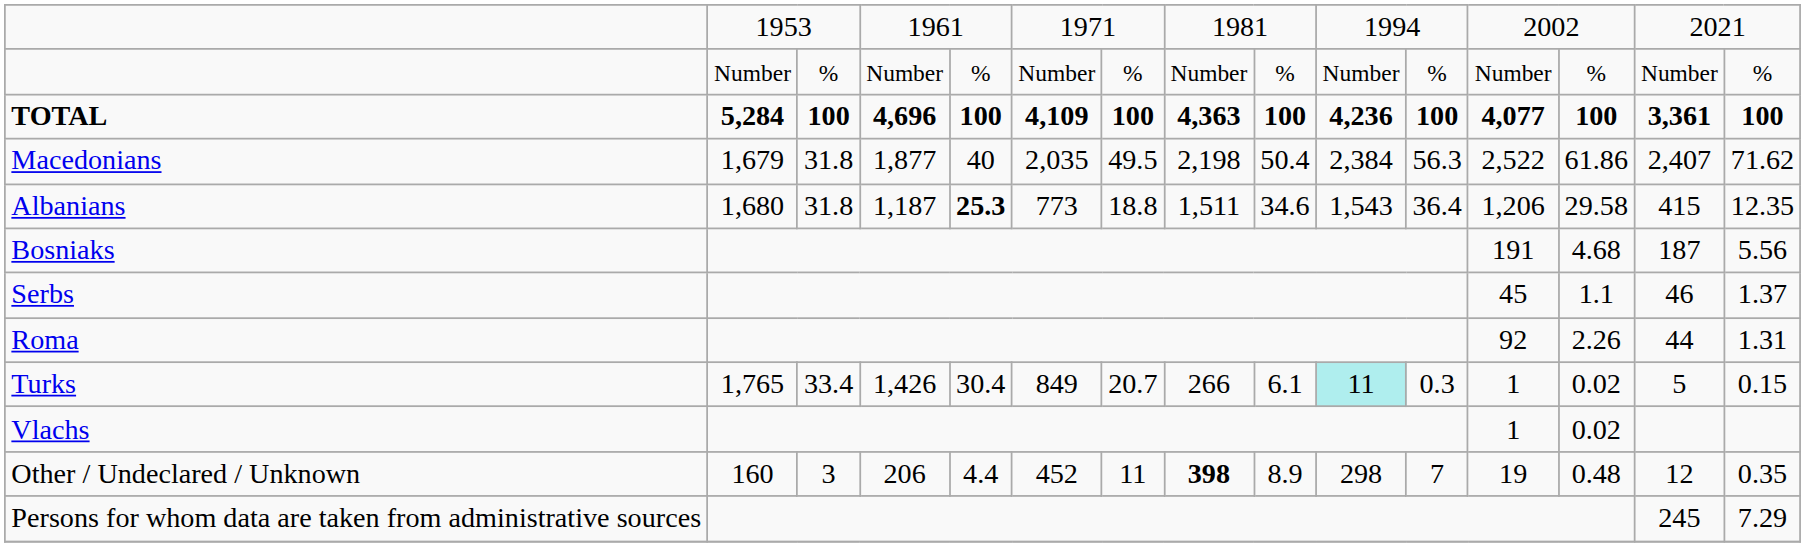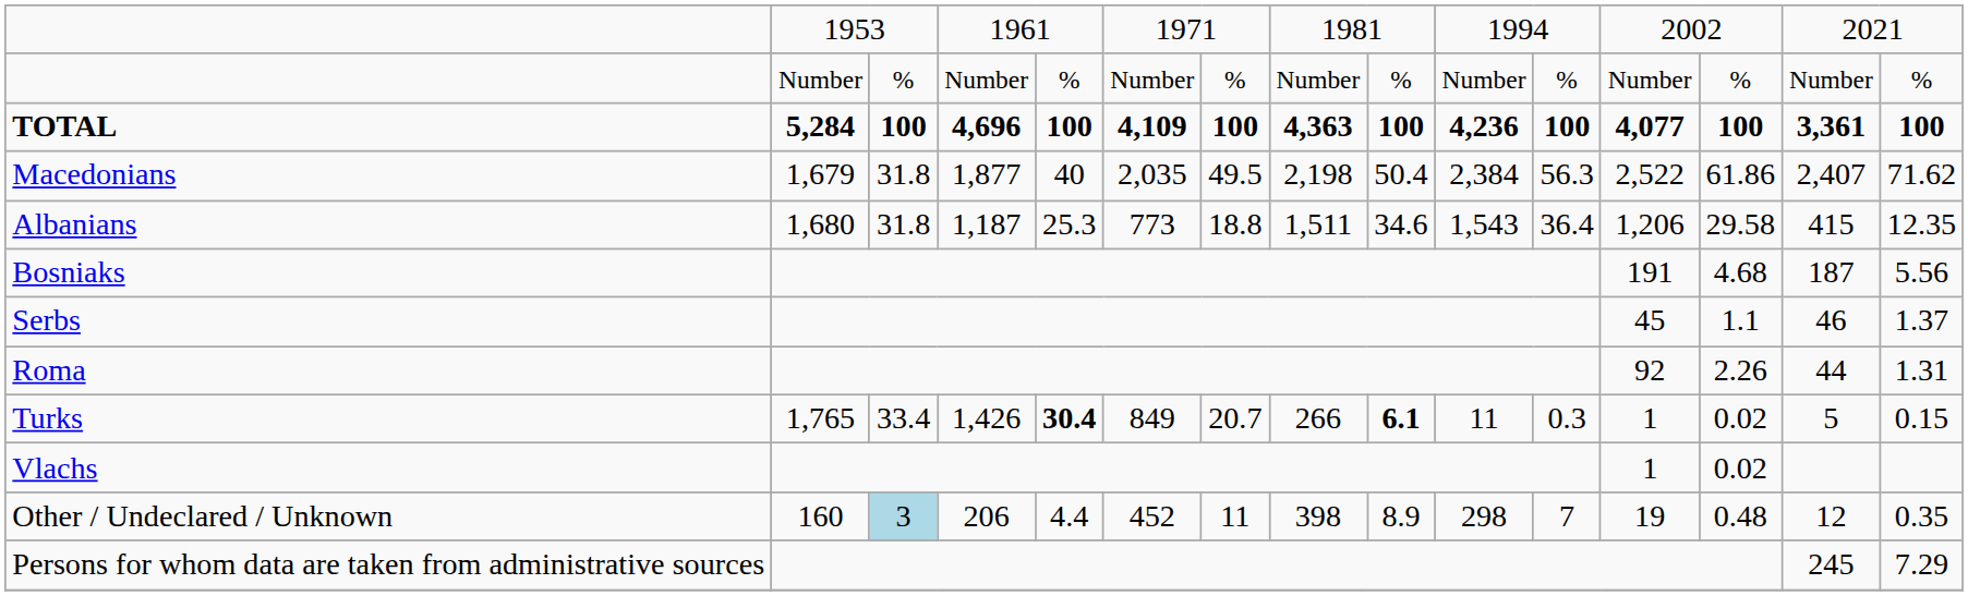 <table class="wikitable">
 <tr>
 <td></td>
 <td colspan="2" style="text-align:center">1953</td>
 <td colspan="2" style="text-align:center">1961</td>
 <td colspan="2" style="text-align:center">1971</td>
 <td colspan="2" style="text-align:center">1981</td>
 <td colspan="2" style="text-align:center">1994</td>
 <td colspan="2" style="text-align:center">2002</td>
 <td colspan="2" style="text-align:center">2021</td>
 </tr>
 <tr>
 <td></td>
 <td style="text-align:center"><small>Number</small></td>
 <td style="text-align:center"><small>%</small></td>
 <td style="text-align:center"><small>Number</small></td>
 <td style="text-align:center"><small>%</small></td>
 <td style="text-align:center"><small>Number</small></td>
 <td style="text-align:center"><small>%</small></td>
 <td style="text-align:center"><small>Number</small></td>
 <td style="text-align:center"><small>%</small></td>
 <td style="text-align:center"><small>Number</small></td>
 <td style="text-align:center"><small>%</small></td>
 <td style="text-align:center"><small>Number</small></td>
 <td style="text-align:center"><small>%</small></td>
 <td style="text-align:center"><small>Number</small></td>
 <td style="text-align:center"><small>%</small></td>
 </tr>
 <tr>
 <td><strong>TOTAL</strong></td>
 <td style="text-align:center"><strong>5,284</strong></td>
 <td style="text-align:center"><strong>100</strong></td>
 <td style="text-align:center"><strong>4,696</strong></td>
 <td style="text-align:center"><strong>100</strong></td>
 <td style="text-align:center"><strong>4,109</strong></td>
 <td style="text-align:center"><strong>100</strong></td>
 <td style="text-align:center"><strong>4,363</strong></td>
 <td style="text-align:center"><strong>100</strong></td>
 <td style="text-align:center"><strong>4,236</strong></td>
 <td style="text-align:center"><strong>100</strong></td>
 <td style="text-align:center"><strong>4,077</strong></td>
 <td style="text-align:center"><strong>100</strong></td>
 <td style="text-align:center"><strong>3,361</strong></td>
 <td style="text-align:center"><strong>100</strong></td>
 </tr>
 <tr>
 <td><a href='#'>Macedonians</a></td>
 <td align="center">1,679</td>
 <td align="center">31.8</td>
 <td align="center">1,877</td>
 <td align="center">40</td>
 <td align="center">2,035</td>
 <td align="center">49.5</td>
 <td align="center">2,198</td>
 <td align="center">50.4</td>
 <td align="center">2,384</td>
 <td align="center">56.3</td>
 <td align="center">2,522</td>
 <td align="center">61.86</td>
 <td align="center">2,407</td>
 <td align="center">71.62</td>
 </tr>
 <tr>
 <td><a href='#'>Albanians</a></td>
 <td align="center">1,680</td>
 <td align="center">31.8</td>
 <td align="center">1,187</td>
-<td align="center"><strong>25.3</strong></td>
+<td align="center">25.3</td>
 <td align="center">773</td>
 <td align="center">18.8</td>
 <td align="center">1,511</td>
 <td align="center">34.6</td>
 <td align="center">1,543</td>
 <td align="center">36.4</td>
 <td align="center">1,206</td>
 <td align="center">29.58</td>
 <td align="center">415</td>
 <td align="center">12.35</td>
 </tr>
 <tr>
 <td><a href='#'>Bosniaks</a></td>
 <td colspan="10"></td>
 <td align="center">191</td>
 <td align="center">4.68</td>
 <td align="center">187</td>
 <td align="center">5.56</td>
 </tr>
 <tr>
 <td><a href='#'>Serbs</a></td>
 <td colspan="10"></td>
 <td align="center">45</td>
 <td align="center">1.1</td>
 <td align="center">46</td>
 <td align="center">1.37</td>
 </tr>
 <tr>
 <td><a href='#'>Roma</a></td>
 <td colspan="10"></td>
 <td align="center">92</td>
 <td align="center">2.26</td>
 <td align="center">44</td>
 <td align="center">1.31</td>
 </tr>
 <tr>
 <td><a href='#'>Turks</a></td>
 <td align="center">1,765</td>
 <td align="center">33.4</td>
 <td align="center">1,426</td>
-<td align="center">30.4</td>
+<td align="center"><strong>30.4</strong></td>
 <td align="center">849</td>
 <td align="center">20.7</td>
 <td align="center">266</td>
-<td align="center">6.1</td>
-<td align="center" style="background: paleturquoise;">11</td>
+<td align="center"><strong>6.1</strong></td>
+<td align="center">11</td>
 <td align="center">0.3</td>
 <td align="center">1</td>
 <td align="center">0.02</td>
 <td align="center">5</td>
 <td align="center">0.15</td>
 </tr>
 <tr>
 <td><a href='#'>Vlachs</a></td>
 <td colspan="10"></td>
 <td align="center">1</td>
 <td align="center">0.02</td>
 <td align="center"></td>
 <td align="center"></td>
 </tr>
 <tr>
 <td>Other / Undeclared / Unknown</td>
 <td align="center">160</td>
-<td align="center">3</td>
+<td align="center" style="background: lightblue;">3</td>
 <td align="center">206</td>
 <td align="center">4.4</td>
 <td align="center">452</td>
 <td align="center">11</td>
-<td align="center"><strong>398</strong></td>
+<td align="center">398</td>
 <td align="center">8.9</td>
 <td align="center">298</td>
 <td align="center">7</td>
 <td align="center">19</td>
 <td align="center">0.48</td>
 <td align="center">12</td>
 <td align="center">0.35</td>
 </tr>
 <tr>
 <td>Persons for whom data are taken from administrative sources</td>
 <td colspan="12"></td>
 <td align="center">245</td>
 <td align="center">7.29</td>
 </tr>
 <tr>
 </tr>
 </table>
